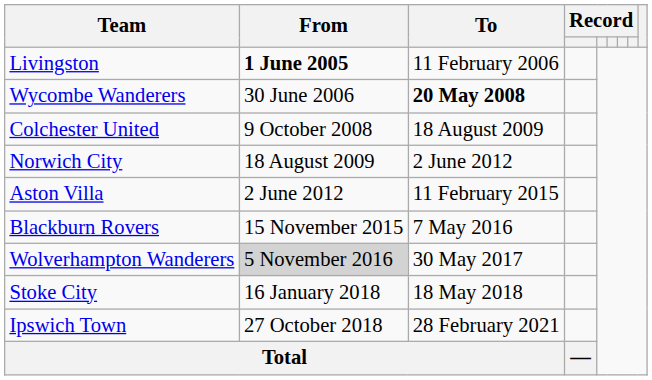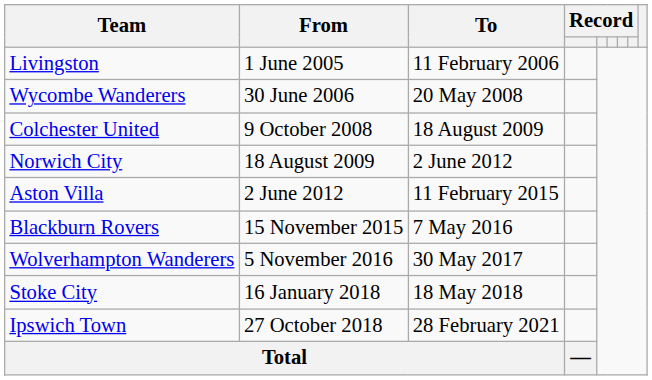 <table class=wikitable style="text-align: center">
 <tr>
 <th rowspan=2>Team</th>
 <th rowspan=2>From</th>
 <th rowspan=2>To</th>
 <th colspan=5>Record</th>
 <th rowspan=2></th>
 </tr>
 <tr>
 <th></th>
 <th></th>
 <th></th>
 <th></th>
 <th></th>
 </tr>
 <tr>
 <td align=left><a href='#'>Livingston</a></td>
-<td align=left><strong>1 June 2005</strong></td>
+<td align=left>1 June 2005</td>
 <td align=left>11 February 2006<br></td>
 <td></td>
 </tr>
 <tr>
 <td align=left><a href='#'>Wycombe Wanderers</a></td>
 <td align=left>30 June 2006</td>
-<td align=left><strong>20 May 2008<br></strong></td>
+<td align=left>20 May 2008<br></td>
 <td></td>
 </tr>
 <tr>
 <td align=left><a href='#'>Colchester United</a></td>
 <td align=left>9 October 2008</td>
 <td align=left>18 August 2009<br></td>
 <td></td>
 </tr>
 <tr>
 <td align=left><a href='#'>Norwich City</a></td>
 <td align=left>18 August 2009</td>
 <td align=left>2 June 2012<br></td>
 <td></td>
 </tr>
 <tr>
 <td align=left><a href='#'>Aston Villa</a></td>
 <td align=left>2 June 2012</td>
 <td align=left>11 February 2015<br></td>
 <td></td>
 </tr>
 <tr>
 <td align=left><a href='#'>Blackburn Rovers</a></td>
 <td align=left>15 November 2015</td>
 <td align=left>7 May 2016<br></td>
 <td></td>
 </tr>
 <tr>
 <td align=left><a href='#'>Wolverhampton Wanderers</a></td>
-<td align=left style="background: lightgrey;">5 November 2016</td>
+<td align=left>5 November 2016</td>
 <td align=left>30 May 2017<br></td>
 <td></td>
 </tr>
 <tr>
 <td align=left><a href='#'>Stoke City</a></td>
 <td align=left>16 January 2018</td>
 <td align=left>18 May 2018<br></td>
 <td></td>
 </tr>
 <tr>
 <td align=left><a href='#'>Ipswich Town</a></td>
 <td align=left>27 October 2018</td>
 <td align=left>28 February 2021<br></td>
 <td></td>
 </tr>
 <tr>
 <th colspan=3>Total<br></th>
 <th>—</th>
 </tr>
 </table>
